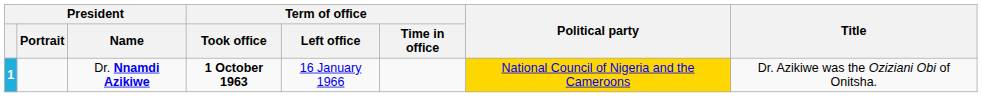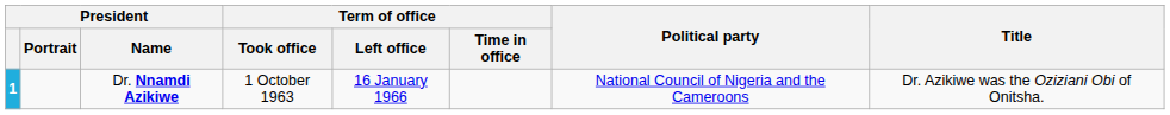 <table class="wikitable" style="text-align:center">
 <tr>
 <th colspan="3">President</th>
 <th colspan=3>Term of office</th>
 <th rowspan=2>Political party</th>
 <th rowspan=2>Title</th>
 </tr>
 <tr>
 <th></th>
 <th>Portrait</th>
 <th>Name<br></th>
 <th>Took office</th>
 <th>Left office</th>
 <th>Time in office</th>
 </tr>
 <tr>
 <th style="background:#20AEDD; color:white;">1</th>
 <td></td>
 <td>Dr. <strong><a href='#'>Nnamdi Azikiwe</a></strong><br></td>
-<td><strong>1 October 1963</strong></td>
+<td>1 October 1963</td>
 <td><a href='#'>16 January 1966</a></td>
 <td></td>
-<td style="background: gold;"><a href='#'>National Council of Nigeria and the Cameroons</a></td>
+<td><a href='#'>National Council of Nigeria and the Cameroons</a></td>
 <td>Dr. Azikiwe was the <em>Oziziani Obi</em> of Onitsha.</td>
 </tr>
 </table>
